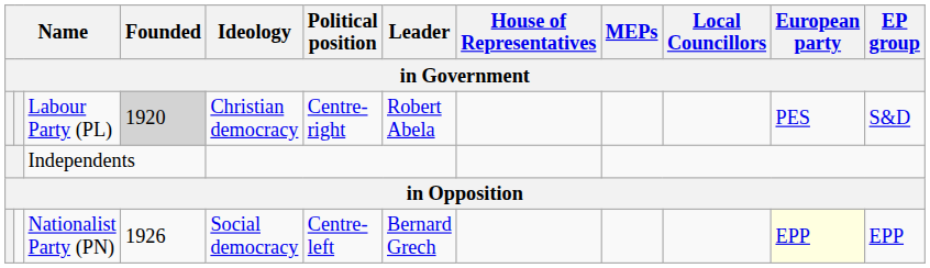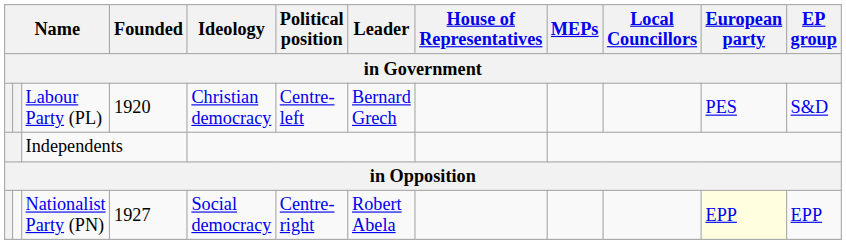 <table class="wikitable sortable">
 <tr>
 <th colspan="3">Name</th>
 <th>Founded</th>
 <th>Ideology</th>
 <th>Political position</th>
 <th>Leader</th>
 <th><a href='#'>House of Representatives</a></th>
 <th><a href='#'>MEPs</a></th>
 <th><a href='#'>Local Councillors</a></th>
 <th><a href='#'>European party</a></th>
 <th><a href='#'>EP group</a></th>
 </tr>
 <tr>
 <th colspan="12">in Government</th>
 </tr>
 <tr>
 <th style="background-color:"></th>
 <th></th>
 <td><a href='#'>Labour Party</a> (PL)</td>
-<td style="background: lightgrey;">1920</td>
+<td>1920</td>
 <td><a href='#'>Christian democracy</a></td>
-<td><a href='#'>Centre-right</a></td>
-<td><a href='#'>Robert Abela</a></td>
+<td><a href='#'>Centre-left</a></td>
+<td><a href='#'>Bernard Grech</a></td>
 <td></td>
 <td></td>
 <td></td>
 <td><a href='#'>PES</a></td>
 <td><a href='#'>S&D</a></td>
 </tr>
 <tr>
 <th colspan="2"></th>
 <td colspan="2">Independents</td>
 <td colspan="3"></td>
 <td></td>
 <td colspan="4"></td>
 </tr>
 <tr>
 <th colspan="12">in Opposition</th>
 </tr>
 <tr>
 <th style="background-color:"></th>
 <td></td>
 <td><a href='#'>Nationalist Party</a> (PN)</td>
-<td>1926</td>
+<td>1927</td>
 <td><a href='#'>Social democracy</a></td>
-<td><a href='#'>Centre-left</a></td>
-<td><a href='#'>Bernard Grech</a></td>
+<td><a href='#'>Centre-right</a></td>
+<td><a href='#'>Robert Abela</a></td>
 <td></td>
 <td></td>
 <td></td>
 <td style="background: lightyellow;"><a href='#'>EPP</a></td>
 <td><a href='#'>EPP</a></td>
 </tr>
 </table>
